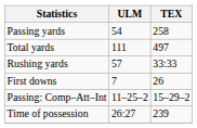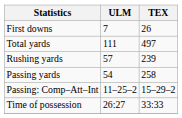 <table class="wikitable" style="float: left;">
 <tr>
 <th>Statistics</th>
 <th>ULM</th>
 <th>TEX</th>
 </tr>
 <tr>
-<td>Passing yards</td>
-<td>54</td>
-<td>258</td>
+<td>First downs</td>
+<td>7</td>
+<td>26</td>
 </tr>
 <tr>
 <td>Total yards</td>
 <td>111</td>
 <td>497</td>
 </tr>
 <tr>
 <td>Rushing yards</td>
 <td>57</td>
-<td>33:33</td>
+<td>239</td>
 </tr>
 <tr>
-<td>First downs</td>
-<td>7</td>
-<td>26</td>
+<td>Passing yards</td>
+<td>54</td>
+<td>258</td>
 </tr>
 <tr>
 <td>Passing: Comp–Att–Int</td>
 <td>11–25–2</td>
 <td>15–29–2</td>
 </tr>
 <tr>
 <td>Time of possession</td>
 <td>26:27</td>
-<td>239</td>
+<td>33:33</td>
 </tr>
 <tr>
 </tr>
 </table>
